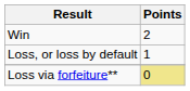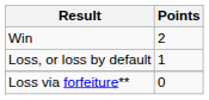 <table class=wikitable>
 <tr>
 <th>Result</th>
 <th>Points</th>
 </tr>
 <tr>
 <td>Win</td>
 <td>2</td>
 </tr>
 <tr>
 <td>Loss, or loss by default</td>
 <td>1</td>
 </tr>
 <tr ||>
 </tr>
 <tr>
 <td>Loss via <a href='#'>forfeiture</a>**</td>
-<td style="background: khaki;">0</td>
+<td>0</td>
 </tr>
 </table>
